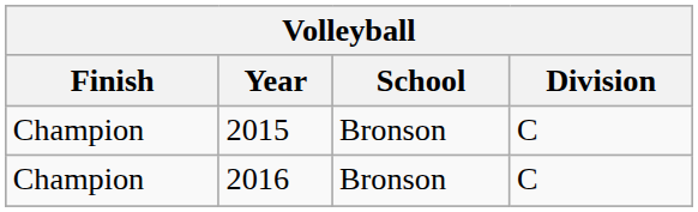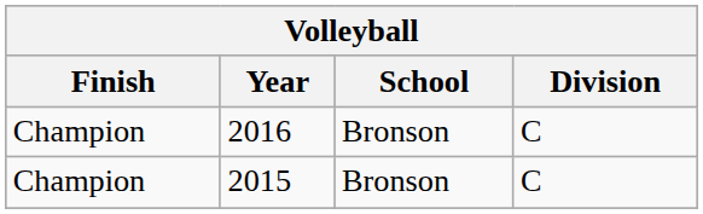 <table class="wikitable" width="350">
 <tr>
 <th colspan=4>Volleyball</th>
 </tr>
 <tr>
 <th>Finish</th>
 <th>Year</th>
 <th>School</th>
 <th>Division</th>
 </tr>
 <tr>
 <td>Champion</td>
-<td>2015</td>
+<td>2016</td>
 <td>Bronson</td>
 <td>C</td>
 </tr>
 <tr>
 <td>Champion</td>
-<td>2016</td>
+<td>2015</td>
 <td>Bronson</td>
 <td>C</td>
 </tr>
 </table>
